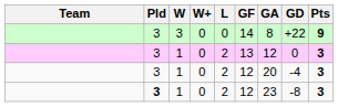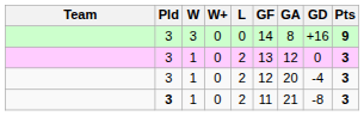 <table class="wikitable" style="text-align: center;">
 <tr>
 <th width="175">Team</th>
 <th width="20">Pld</th>
 <th width="20">W</th>
 <th width="20">W+</th>
 <th width="20">L</th>
 <th width="20">GF</th>
 <th width="20">GA</th>
 <th width="20">GD</th>
 <th width="20">Pts</th>
 </tr>
 <tr align=center style="background:#ccffcc;">
 <td style="text-align:left;"></td>
 <td>3</td>
 <td>3</td>
 <td>0</td>
 <td>0</td>
 <td>14</td>
 <td>8</td>
-<td>+22</td>
+<td>+16</td>
 <td><strong>9</strong></td>
 </tr>
 <tr align=center style="background:#ffccff;">
 <td style="text-align:left;"></td>
 <td>3</td>
 <td>1</td>
 <td>0</td>
 <td>2</td>
 <td>13</td>
 <td>12</td>
 <td>0</td>
 <td><strong>3</strong></td>
 </tr>
 <tr align=center>
 <td style="text-align:left;"></td>
 <td>3</td>
 <td>1</td>
 <td>0</td>
 <td>2</td>
 <td>12</td>
 <td>20</td>
 <td>-4</td>
 <td><strong>3</strong></td>
 </tr>
 <tr align=center>
 <td style="text-align:left;"></td>
 <td><strong>3</strong></td>
 <td>1</td>
 <td>0</td>
 <td>2</td>
-<td>12</td>
-<td>23</td>
+<td>11</td>
+<td>21</td>
 <td>-8</td>
 <td><strong>3</strong></td>
 </tr>
 </table>
